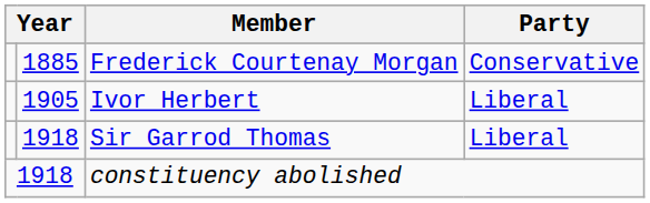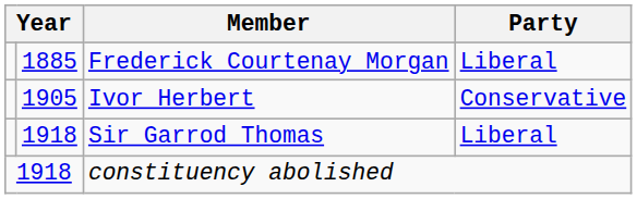 <table class="wikitable">
 <tr>
 <th colspan="2">Year</th>
 <th>Member</th>
 <th>Party</th>
 </tr>
 <tr>
 <td style="color:inherit;background-color: "></td>
 <td><a href='#'>1885</a></td>
 <td><a href='#'>Frederick Courtenay Morgan</a></td>
-<td><a href='#'>Conservative</a></td>
+<td><a href='#'>Liberal</a></td>
 </tr>
 <tr>
 <td style="color:inherit;background-color: "></td>
 <td><a href='#'>1905</a></td>
 <td><a href='#'>Ivor Herbert</a></td>
-<td><a href='#'>Liberal</a></td>
+<td><a href='#'>Conservative</a></td>
 </tr>
 <tr>
 <td style="color:inherit;background-color: "></td>
 <td><a href='#'>1918</a></td>
 <td><a href='#'>Sir Garrod Thomas</a></td>
 <td><a href='#'>Liberal</a></td>
 </tr>
 <tr>
 <td colspan="2" align="center"><a href='#'>1918</a></td>
 <td colspan="2"><em>constituency abolished</em></td>
 </tr>
 </table>
